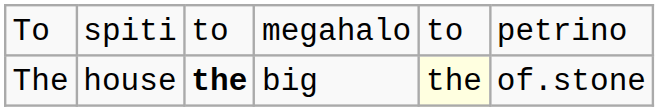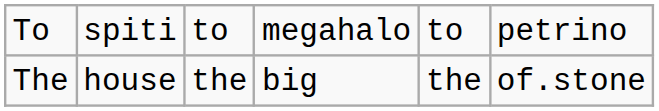 <table class="wikitable" border="1">
 <tr>
 <td>To</td>
 <td>spiti</td>
 <td>to</td>
 <td>megahalo</td>
 <td>to</td>
 <td>petrino</td>
 </tr>
 <tr>
 <td>The</td>
 <td>house</td>
-<td><strong>the</strong></td>
+<td>the</td>
 <td>big</td>
-<td style="background: lightyellow;">the</td>
+<td>the</td>
 <td>of.stone </td>
 </tr>
 </table>
